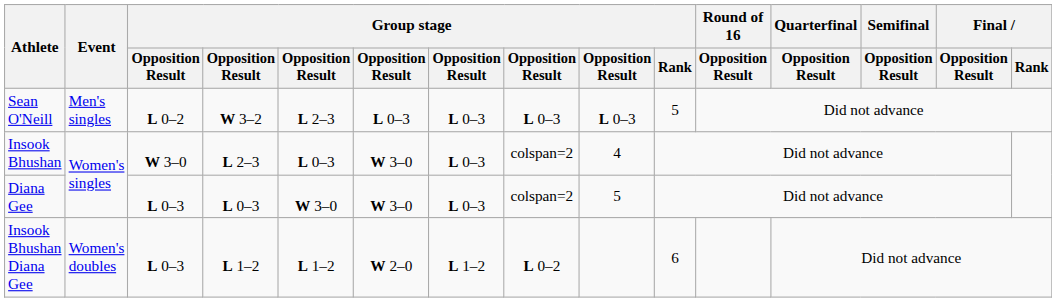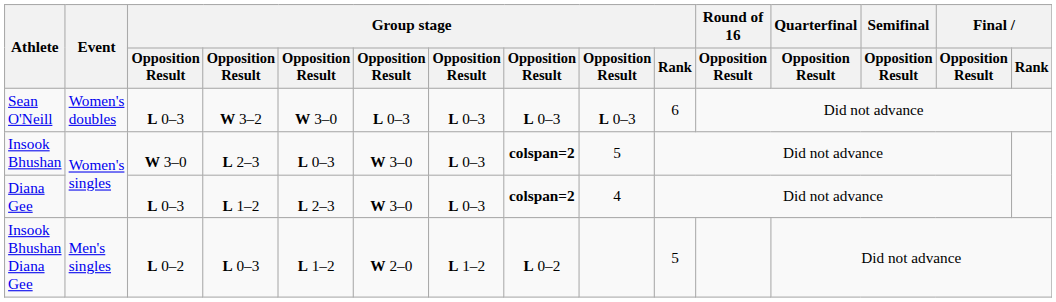 <table class=wikitable style=font-size:90%;text-align:center>
 <tr>
 <th rowspan=2>Athlete</th>
 <th rowspan=2>Event</th>
 <th colspan=8>Group stage</th>
 <th>Round of 16</th>
 <th>Quarterfinal</th>
 <th>Semifinal</th>
 <th colspan=2>Final / </th>
 </tr>
 <tr style=font-size:95%>
 <th>Opposition<br>Result</th>
 <th>Opposition<br>Result</th>
 <th>Opposition<br>Result</th>
 <th>Opposition<br>Result</th>
 <th>Opposition<br>Result</th>
 <th>Opposition<br>Result</th>
 <th>Opposition<br>Result</th>
 <th>Rank</th>
 <th>Opposition<br>Result</th>
 <th>Opposition<br>Result</th>
 <th>Opposition<br>Result</th>
 <th>Opposition<br>Result</th>
 <th>Rank</th>
 </tr>
 <tr>
 <td align=left><a href='#'>Sean O'Neill</a></td>
-<td align=left><a href='#'>Men's singles</a></td>
-<td><br><strong>L</strong> 0–2</td>
+<td align=left><a href='#'>Women's doubles</a></td>
+<td><br><strong>L</strong> 0–3</td>
 <td><br><strong>W</strong> 3–2</td>
-<td><br><strong>L</strong> 2–3</td>
+<td><br><strong>W</strong> 3–0</td>
 <td><br><strong>L</strong> 0–3</td>
 <td><br><strong>L</strong> 0–3</td>
 <td><br><strong>L</strong> 0–3</td>
 <td><br><strong>L</strong> 0–3</td>
-<td>5</td>
+<td>6</td>
 <td colspan=5>Did not advance</td>
 </tr>
 <tr>
 <td align=left><a href='#'>Insook Bhushan</a></td>
 <td align=left rowspan=2><a href='#'>Women's singles</a></td>
 <td><br><strong>W</strong> 3–0</td>
 <td><br><strong>L</strong> 2–3</td>
 <td><br><strong>L</strong> 0–3</td>
 <td><br><strong>W</strong> 3–0</td>
 <td><br><strong>L</strong> 0–3</td>
-<td>colspan=2 </td>
-<td>4</td>
+<td><strong>colspan=2 </strong></td>
+<td>5</td>
 <td colspan=5>Did not advance</td>
 </tr>
 <tr>
 <td align=left><a href='#'>Diana Gee</a></td>
 <td><br><strong>L</strong> 0–3</td>
-<td><br><strong>L</strong> 0–3</td>
-<td><br><strong>W</strong> 3–0</td>
+<td><br><strong>L</strong> 1–2</td>
+<td><br><strong>L</strong> 2–3</td>
 <td><br><strong>W</strong> 3–0</td>
 <td><br><strong>L</strong> 0–3</td>
-<td>colspan=2 </td>
-<td>5</td>
+<td><strong>colspan=2 </strong></td>
+<td>4</td>
 <td colspan=5>Did not advance</td>
 </tr>
 <tr>
 <td align=left><a href='#'>Insook Bhushan</a><br><a href='#'>Diana Gee</a></td>
-<td align=left><a href='#'>Women's doubles</a></td>
+<td align=left><a href='#'>Men's singles</a></td>
+<td><br><strong>L</strong> 0–2</td>
 <td><br><strong>L</strong> 0–3</td>
-<td><br><strong>L</strong> 1–2</td>
 <td><br><strong>L</strong> 1–2</td>
 <td><br><strong>W</strong> 2–0</td>
 <td><br><strong>L</strong> 1–2</td>
 <td><br><strong>L</strong> 0–2</td>
 <td></td>
-<td>6</td>
+<td>5</td>
 <td></td>
 <td colspan=4>Did not advance</td>
 </tr>
 </table>
